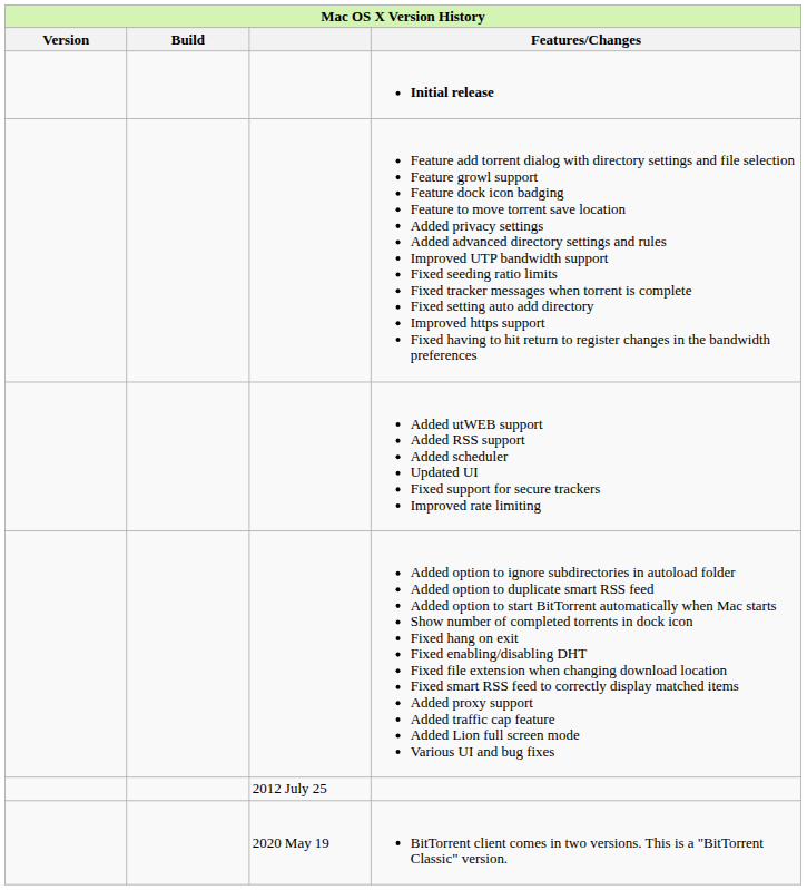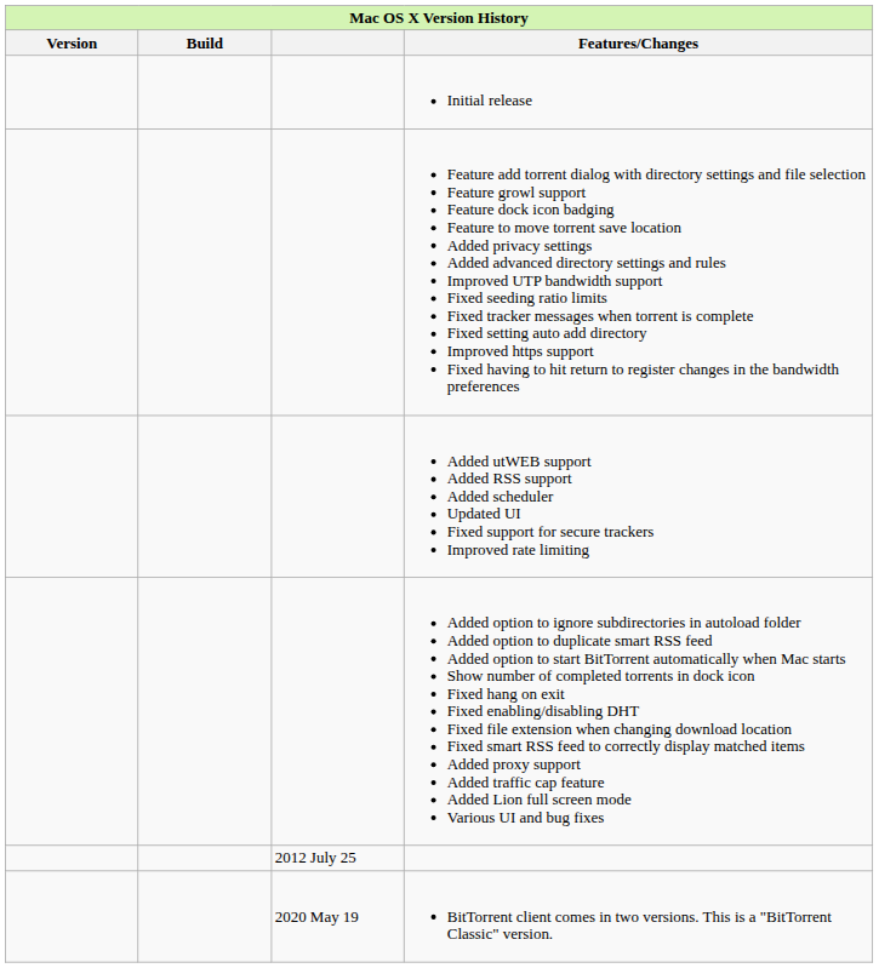 <table class="wikitable collapsible" style="width:100%">
 <tr>
 <th style="background:#d4f4b4;" colspan="5">Mac OS X Version History</th>
 </tr>
 <tr>
 <th style="width:8em;">Version</th>
 <th style="width:8em;">Build</th>
 <th style="width:8em;"></th>
 <th>Features/Changes</th>
 </tr>
 <tr>
 <td></td>
 <td></td>
 <td></td>
-<td><strong><br><ul><li>Initial release</li></ul></strong></td>
+<td><br><ul><li>Initial release</li></ul></td>
 </tr>
 <tr>
 <td></td>
 <td></td>
 <td></td>
 <td><br><ul><li>Feature add torrent dialog with directory settings and file selection</li><li>Feature growl support</li><li>Feature dock icon badging</li><li>Feature to move torrent save location</li><li>Added privacy settings</li><li>Added advanced directory settings and rules</li><li>Improved UTP bandwidth support</li><li>Fixed seeding ratio limits</li><li>Fixed tracker messages when torrent is complete</li><li>Fixed setting auto add directory</li><li>Improved https support</li><li>Fixed having to hit return to register changes in the bandwidth preferences</li></ul></td>
 </tr>
 <tr>
 <td></td>
 <td></td>
 <td></td>
 <td><br><ul><li>Added utWEB support</li><li>Added RSS support</li><li>Added scheduler</li><li>Updated UI</li><li>Fixed support for secure trackers</li><li>Improved rate limiting</li></ul></td>
 </tr>
 <tr>
 <td></td>
 <td></td>
 <td></td>
 <td><br><ul><li>Added option to ignore subdirectories in autoload folder</li><li>Added option to duplicate smart RSS feed</li><li>Added option to start BitTorrent automatically when Mac starts</li><li>Show number of completed torrents in dock icon</li><li>Fixed hang on exit</li><li>Fixed enabling/disabling DHT</li><li>Fixed file extension when changing download location</li><li>Fixed smart RSS feed to correctly display matched items</li><li>Added proxy support</li><li>Added traffic cap feature</li><li>Added Lion full screen mode</li><li>Various UI and bug fixes</li></ul></td>
 </tr>
 <tr>
 <td></td>
 <td></td>
 <td>2012 July 25</td>
 <td></td>
 </tr>
 <tr>
 <td></td>
 <td></td>
 <td>2020 May 19</td>
 <td><br><ul><li>BitTorrent client comes in two versions. This is a "BitTorrent Classic" version.</li></ul></td>
 </tr>
 </table>
